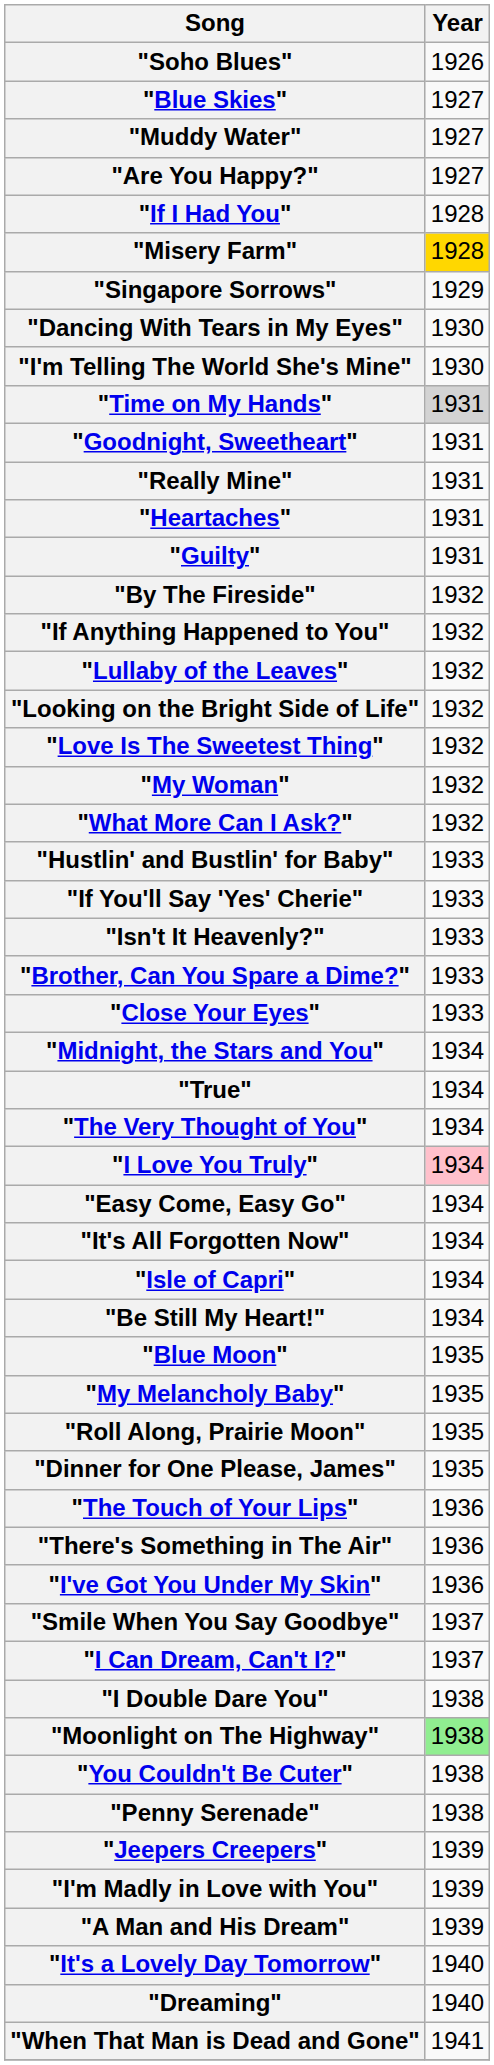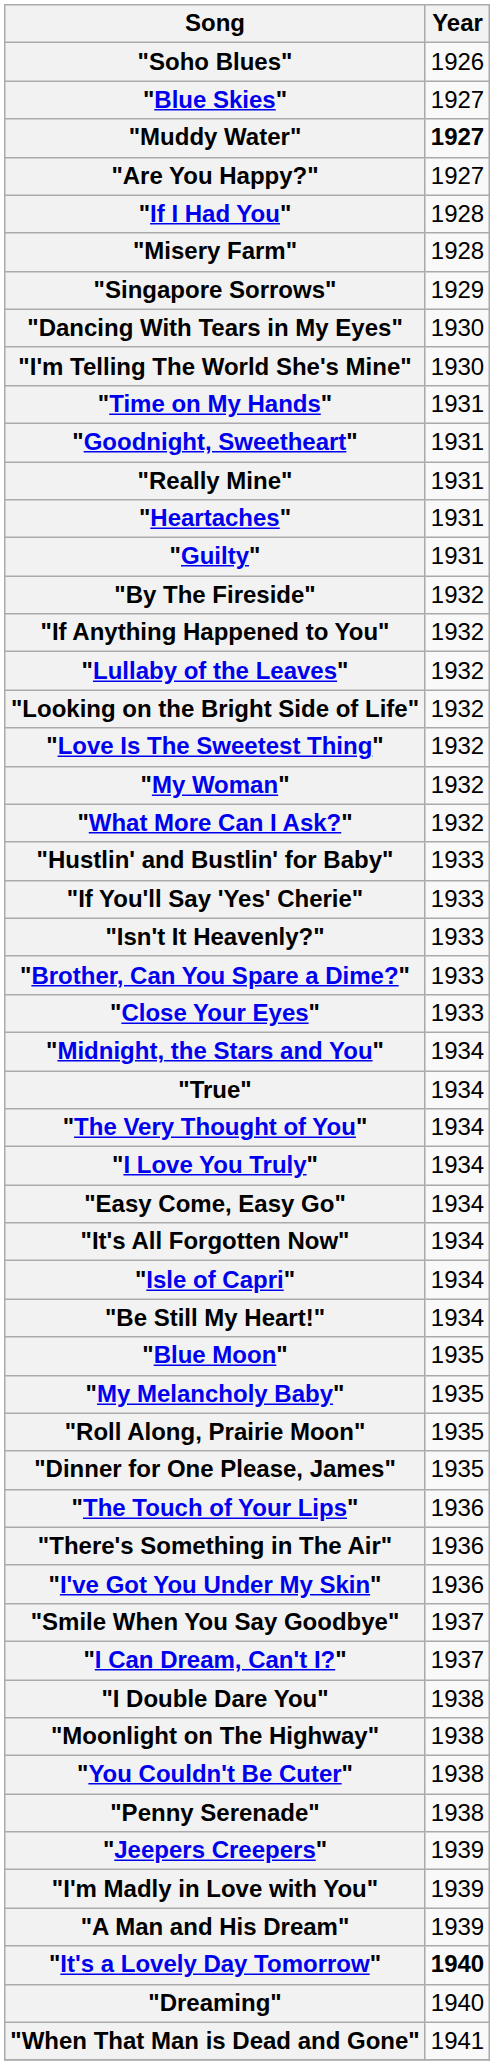 <table class="wikitable">
 <tr>
 <th scope="col">Song</th>
 <th scope="col">Year</th>
 </tr>
 <tr>
 <th scope="row">"Soho Blues"</th>
 <td>1926</td>
 </tr>
 <tr>
 <th scope="row">"<a href='#'>Blue Skies</a>"</th>
 <td>1927</td>
 </tr>
 <tr>
 <th scope="row">"Muddy Water"</th>
-<td>1927</td>
+<td><strong>1927</strong></td>
 </tr>
 <tr>
 <th scope="row">"Are You Happy?"</th>
 <td>1927</td>
 </tr>
 <tr>
 <th scope="row">"<a href='#'>If I Had You</a>"</th>
 <td>1928</td>
 </tr>
 <tr>
 <th scope="row">"Misery Farm"</th>
-<td style="background: gold;">1928</td>
+<td>1928</td>
 </tr>
 <tr>
 <th scope="row">"Singapore Sorrows"</th>
 <td>1929</td>
 </tr>
 <tr>
 <th scope="row">"Dancing With Tears in My Eyes"</th>
 <td>1930</td>
 </tr>
 <tr>
 <th scope="row">"I'm Telling The World She's Mine"</th>
 <td>1930</td>
 </tr>
 <tr>
 <th scope="row">"<a href='#'>Time on My Hands</a>"</th>
-<td style="background: lightgrey;">1931</td>
+<td>1931</td>
 </tr>
 <tr>
 <th scope="row">"<a href='#'>Goodnight, Sweetheart</a>"</th>
 <td>1931</td>
 </tr>
 <tr>
 <th scope="row">"Really Mine"</th>
 <td>1931</td>
 </tr>
 <tr>
 <th scope="row">"<a href='#'>Heartaches</a>"</th>
 <td>1931</td>
 </tr>
 <tr>
 <th scope="row">"<a href='#'>Guilty</a>"</th>
 <td>1931</td>
 </tr>
 <tr>
 <th scope="row">"By The Fireside"</th>
 <td>1932</td>
 </tr>
 <tr>
 <th scope="row">"If Anything Happened to You"</th>
 <td>1932</td>
 </tr>
 <tr>
 <th scope="row">"<a href='#'>Lullaby of the Leaves</a>"</th>
 <td>1932</td>
 </tr>
 <tr>
 <th scope="row">"Looking on the Bright Side of Life"</th>
 <td>1932</td>
 </tr>
 <tr>
 <th scope="row">"<a href='#'>Love Is The Sweetest Thing</a>"</th>
 <td>1932</td>
 </tr>
 <tr>
 <th scope="row">"<a href='#'>My Woman</a>"</th>
 <td>1932</td>
 </tr>
 <tr>
 <th scope="row">"<a href='#'>What More Can I Ask?</a>"</th>
 <td>1932</td>
 </tr>
 <tr>
 <th scope="row">"Hustlin' and Bustlin' for Baby"</th>
 <td>1933</td>
 </tr>
 <tr>
 <th scope="row">"If You'll Say 'Yes' Cherie"</th>
 <td>1933</td>
 </tr>
 <tr>
 <th scope="row">"Isn't It Heavenly?"</th>
 <td>1933</td>
 </tr>
 <tr>
 <th scope="row">"<a href='#'>Brother, Can You Spare a Dime?</a>"</th>
 <td>1933</td>
 </tr>
 <tr>
 <th scope="row">"<a href='#'>Close Your Eyes</a>"</th>
 <td>1933</td>
 </tr>
 <tr>
 <th scope="row">"<a href='#'>Midnight, the Stars and You</a>"</th>
 <td>1934</td>
 </tr>
 <tr>
 <th scope="row">"True"</th>
 <td>1934</td>
 </tr>
 <tr>
 <th scope="row">"<a href='#'>The Very Thought of You</a>"</th>
 <td>1934</td>
 </tr>
 <tr>
 <th scope="row">"<a href='#'>I Love You Truly</a>"</th>
-<td style="background: pink;">1934</td>
+<td>1934</td>
 </tr>
 <tr>
 <th scope="row">"Easy Come, Easy Go"</th>
 <td>1934</td>
 </tr>
 <tr>
 <th scope="row">"It's All Forgotten Now"</th>
 <td>1934</td>
 </tr>
 <tr>
 <th scope="row">"<a href='#'>Isle of Capri</a>"</th>
 <td>1934</td>
 </tr>
 <tr>
 <th scope="row">"Be Still My Heart!"</th>
 <td>1934</td>
 </tr>
 <tr>
 <th scope="row">"<a href='#'>Blue Moon</a>"</th>
 <td>1935</td>
 </tr>
 <tr>
 <th scope="row">"<a href='#'>My Melancholy Baby</a>"</th>
 <td>1935</td>
 </tr>
 <tr>
 <th scope="row">"Roll Along, Prairie Moon"</th>
 <td>1935</td>
 </tr>
 <tr>
 <th scope="row">"Dinner for One Please, James"</th>
 <td>1935</td>
 </tr>
 <tr>
 <th scope="row">"<a href='#'>The Touch of Your Lips</a>"</th>
 <td>1936</td>
 </tr>
 <tr>
 <th scope="row">"There's Something in The Air"</th>
 <td>1936</td>
 </tr>
 <tr>
 <th scope="row">"<a href='#'>I've Got You Under My Skin</a>"</th>
 <td>1936</td>
 </tr>
 <tr>
 <th scope="row">"Smile When You Say Goodbye"</th>
 <td>1937</td>
 </tr>
 <tr>
 <th scope="row">"<a href='#'>I Can Dream, Can't I?</a>"</th>
 <td>1937</td>
 </tr>
 <tr>
 <th scope="row">"I Double Dare You"</th>
 <td>1938</td>
 </tr>
 <tr>
 <th scope="row">"Moonlight on The Highway"</th>
-<td style="background: lightgreen;">1938</td>
+<td>1938</td>
 </tr>
 <tr>
 <th scope="row">"<a href='#'>You Couldn't Be Cuter</a>"</th>
 <td>1938</td>
 </tr>
 <tr>
 <th scope="row">"Penny Serenade"</th>
 <td>1938</td>
 </tr>
 <tr>
 <th scope="row">"<a href='#'>Jeepers Creepers</a>"</th>
 <td>1939</td>
 </tr>
 <tr>
 <th scope="row">"I'm Madly in Love with You"</th>
 <td>1939</td>
 </tr>
 <tr>
 <th scope="row">"A Man and His Dream"</th>
 <td>1939</td>
 </tr>
 <tr>
 <th scope="row">"<a href='#'>It's a Lovely Day Tomorrow</a>"</th>
-<td>1940</td>
+<td><strong>1940</strong></td>
 </tr>
 <tr>
 <th scope="row">"Dreaming"</th>
 <td>1940</td>
 </tr>
 <tr>
 <th scope="row">"When That Man is Dead and Gone"</th>
 <td>1941</td>
 </tr>
 <tr>
 </tr>
 </table>
